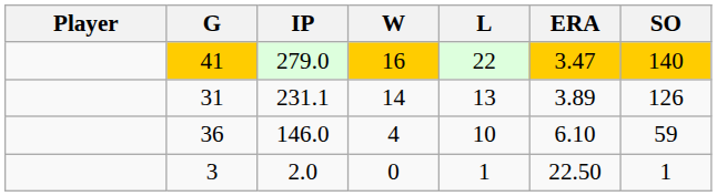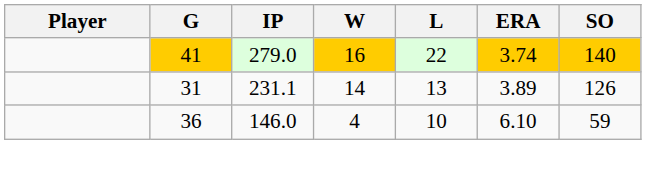 <table class="wikitable sortable">
 <tr>
 <th bgcolor="#DDDDFF" width="16%">Player</th>
 <th bgcolor="#DDDDFF" width="9%">G</th>
 <th bgcolor="#DDDDFF" width="9%">IP</th>
 <th bgcolor="#DDDDFF" width="9%">W</th>
 <th bgcolor="#DDDDFF" width="9%">L</th>
 <th bgcolor="#DDDDFF" width="9%">ERA</th>
 <th bgcolor="#DDDDFF" width="9%">SO</th>
 </tr>
 <tr align="center">
 <td></td>
 <td style="background:#fc0;">41</td>
 <td style="background:#DDFFDD;">279.0</td>
 <td style="background:#fc0;">16</td>
 <td style="background:#DDFFDD;">22</td>
-<td style="background:#fc0;">3.47</td>
+<td style="background:#fc0;">3.74</td>
 <td style="background:#fc0;">140</td>
 </tr>
 <tr align="center">
 <td></td>
 <td>31</td>
 <td>231.1</td>
 <td>14</td>
 <td>13</td>
 <td>3.89</td>
 <td>126</td>
 </tr>
 <tr align="center">
 <td></td>
 <td>36</td>
 <td>146.0</td>
 <td>4</td>
 <td>10</td>
 <td>6.10</td>
 <td>59</td>
 </tr>
-<tr align="center">
-<td></td>
-<td>3</td>
-<td>2.0</td>
-<td>0</td>
-<td>1</td>
-<td>22.50</td>
-<td>1</td>
-</tr>
 </table>
